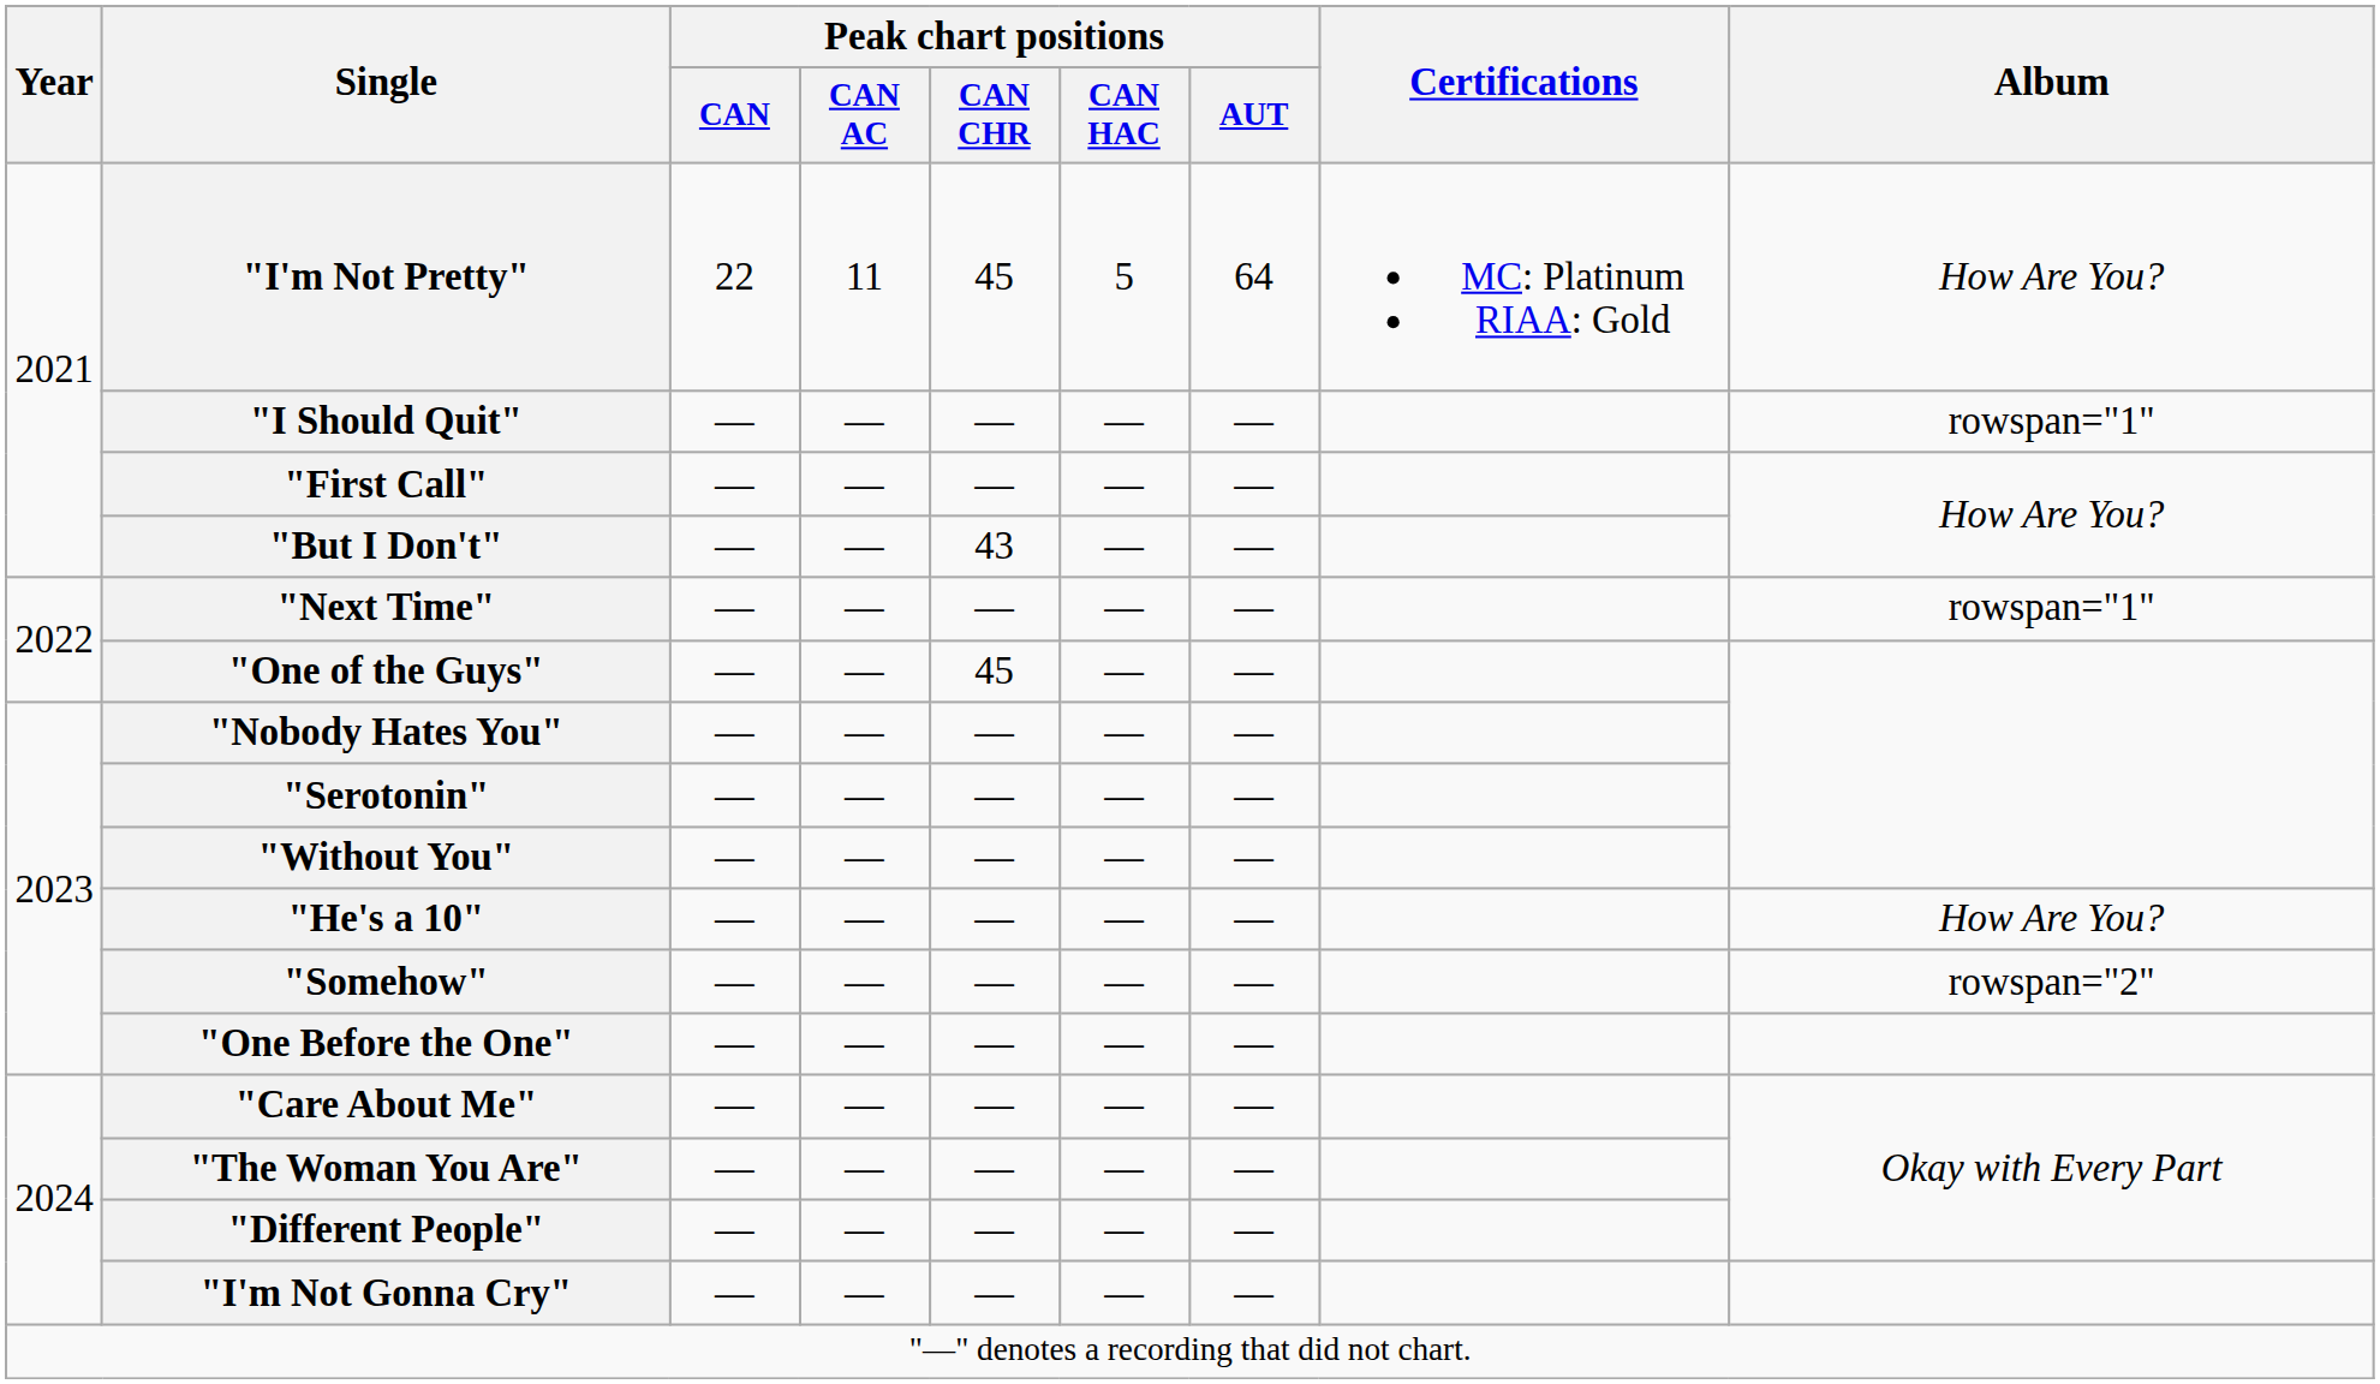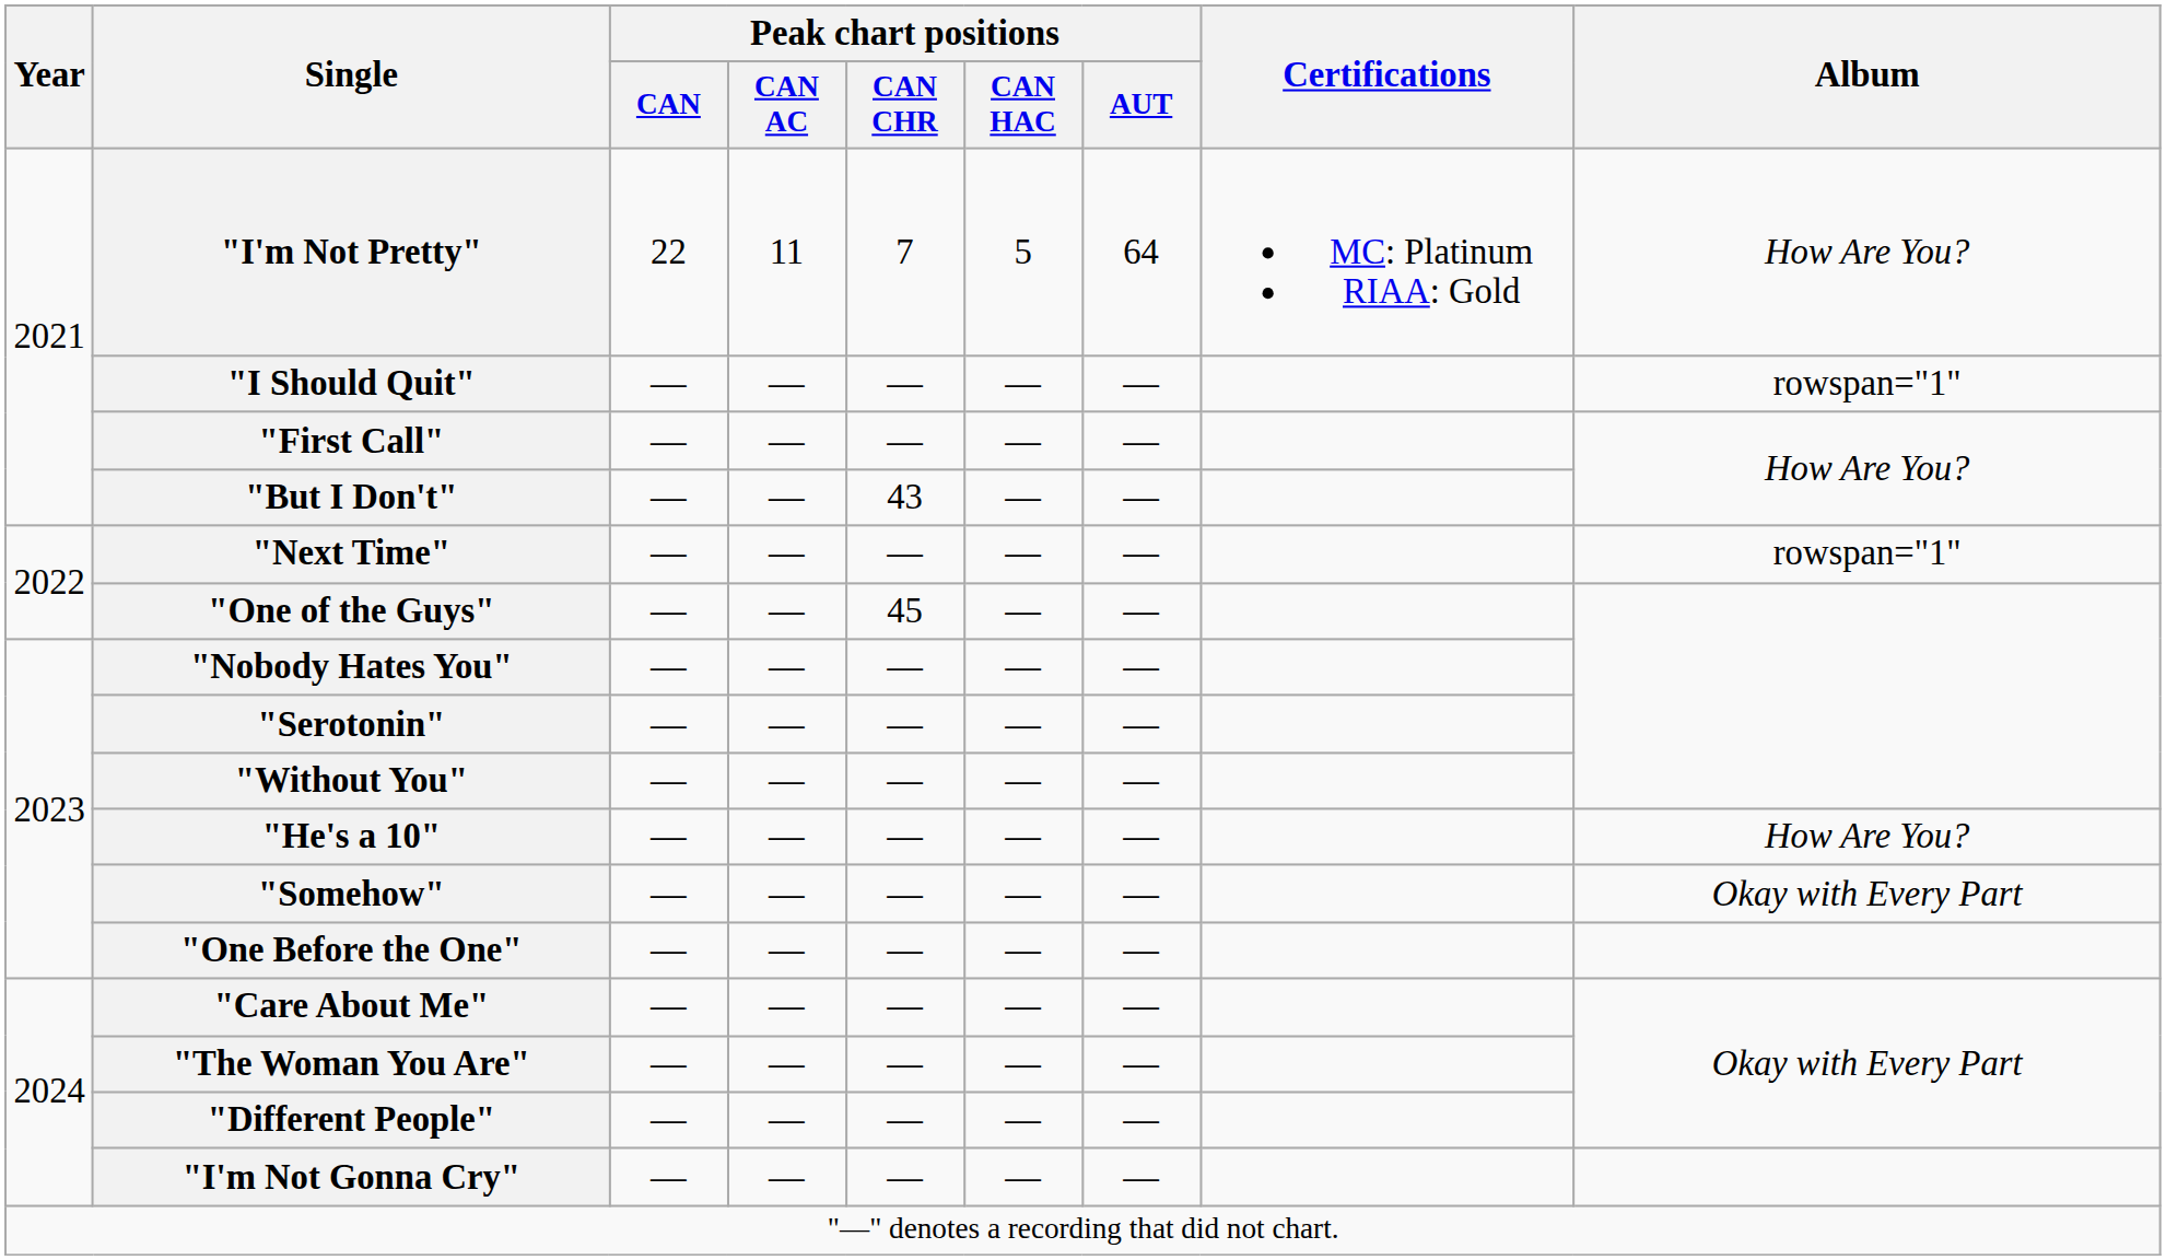 <table class="wikitable plainrowheaders" style="text-align:center;">
 <tr>
 <th rowspan="2" style="width:1em;">Year</th>
 <th rowspan="2" style="width:14em;">Single</th>
 <th colspan="5">Peak chart positions</th>
 <th rowspan="2" style="width:10em;"><a href='#'>Certifications</a></th>
 <th rowspan="2" style="width:16em;">Album</th>
 </tr>
 <tr style="font-size:smaller;">
 <th style="width:3.5em;"><a href='#'>CAN</a></th>
 <th style="width:3.5em;"><a href='#'>CAN <br>AC</a></th>
 <th style="width:3.5em;"><a href='#'>CAN CHR</a></th>
 <th style="width:3.5em;"><a href='#'>CAN HAC</a></th>
 <th style="width:3.5em;"><a href='#'>AUT</a><br></th>
 </tr>
 <tr>
 <td rowspan="4">2021</td>
 <th scope="row">"I'm Not Pretty"<br></th>
 <td>22</td>
 <td>11</td>
-<td>45</td>
+<td>7</td>
 <td>5</td>
 <td>64</td>
 <td><br><ul><li><a href='#'>MC</a>: Platinum</li><li><a href='#'>RIAA</a>: Gold</li></ul></td>
 <td><em>How Are You?</em></td>
 </tr>
 <tr>
 <th scope="row">"I Should Quit"</th>
 <td>—</td>
 <td>—</td>
 <td>—</td>
 <td>—</td>
 <td>—</td>
 <td></td>
 <td>rowspan="1" </td>
 </tr>
 <tr>
 <th scope="row">"First Call"</th>
 <td>—</td>
 <td>—</td>
 <td>—</td>
 <td>—</td>
 <td>—</td>
 <td></td>
 <td rowspan="2"><em>How Are You?</em></td>
 </tr>
 <tr>
 <th scope="row">"But I Don't"</th>
 <td>—</td>
 <td>—</td>
 <td>43</td>
 <td>—</td>
 <td>—</td>
 <td></td>
 </tr>
 <tr>
 <td rowspan="2">2022</td>
 <th scope="row">"Next Time"</th>
 <td>—</td>
 <td>—</td>
 <td>—</td>
 <td>—</td>
 <td>—</td>
 <td></td>
 <td>rowspan="1" </td>
 </tr>
 <tr>
 <th scope="row">"One of the Guys"</th>
 <td>—</td>
 <td>—</td>
 <td>45</td>
 <td>—</td>
 <td>—</td>
 <td></td>
 </tr>
 <tr>
 <td rowspan="6">2023</td>
 <th scope="row">"Nobody Hates You"</th>
 <td>—</td>
 <td>—</td>
 <td>—</td>
 <td>—</td>
 <td>—</td>
 <td></td>
 </tr>
 <tr>
 <th scope="row">"Serotonin"</th>
 <td>—</td>
 <td>—</td>
 <td>—</td>
 <td>—</td>
 <td>—</td>
 <td></td>
 </tr>
 <tr>
 <th scope="row">"Without You"</th>
 <td>—</td>
 <td>—</td>
 <td>—</td>
 <td>—</td>
 <td>—</td>
 <td></td>
 </tr>
 <tr>
 <th scope="row">"He's a 10"</th>
 <td>—</td>
 <td>—</td>
 <td>—</td>
 <td>—</td>
 <td>—</td>
 <td></td>
 <td><em>How Are You?</em></td>
 </tr>
 <tr>
 <th scope="row">"Somehow"</th>
 <td>—</td>
 <td>—</td>
 <td>—</td>
 <td>—</td>
 <td>—</td>
 <td></td>
-<td>rowspan="2" </td>
+<td><em>Okay with Every Part</em></td>
 </tr>
 <tr>
 <th scope="row">"One Before the One"</th>
 <td>—</td>
 <td>—</td>
 <td>—</td>
 <td>—</td>
 <td>—</td>
 <td></td>
 </tr>
 <tr>
 <td rowspan="4">2024</td>
 <th scope="row">"Care About Me"</th>
 <td>—</td>
 <td>—</td>
 <td>—</td>
 <td>—</td>
 <td>—</td>
 <td></td>
 <td rowspan="3"><em>Okay with Every Part</em></td>
 </tr>
 <tr>
 <th scope="row">"The Woman You Are"</th>
 <td>—</td>
 <td>—</td>
 <td>—</td>
 <td>—</td>
 <td>—</td>
 <td></td>
 </tr>
 <tr>
 <th scope="row">"Different People"</th>
 <td>—</td>
 <td>—</td>
 <td>—</td>
 <td>—</td>
 <td>—</td>
 <td></td>
 </tr>
 <tr>
 <th scope="row">"I'm Not Gonna Cry"</th>
 <td>—</td>
 <td>—</td>
 <td>—</td>
 <td>—</td>
 <td>—</td>
 <td></td>
 <td></td>
 </tr>
 <tr>
 <td colspan="9" style="font-size:smaller;">"—" denotes a recording that did not chart.</td>
 </tr>
 </table>
